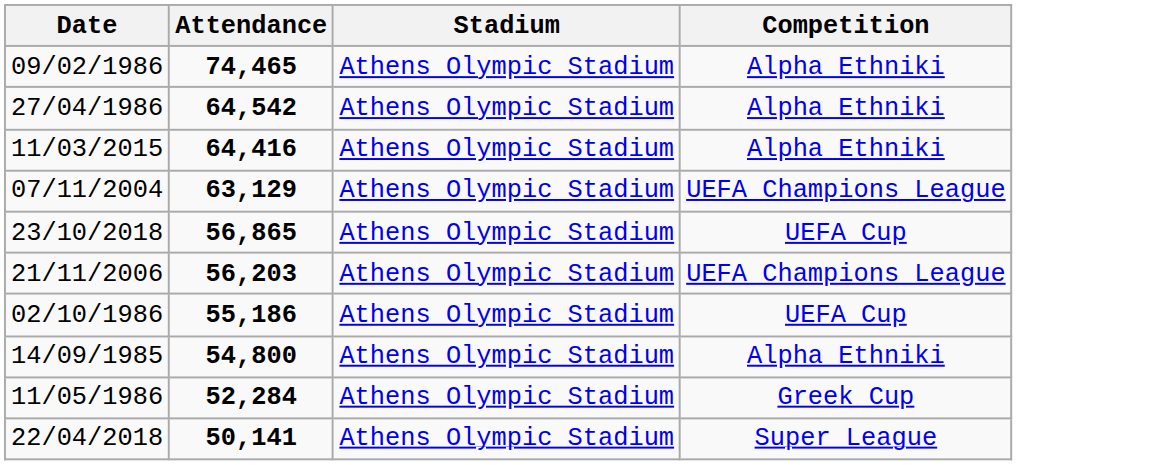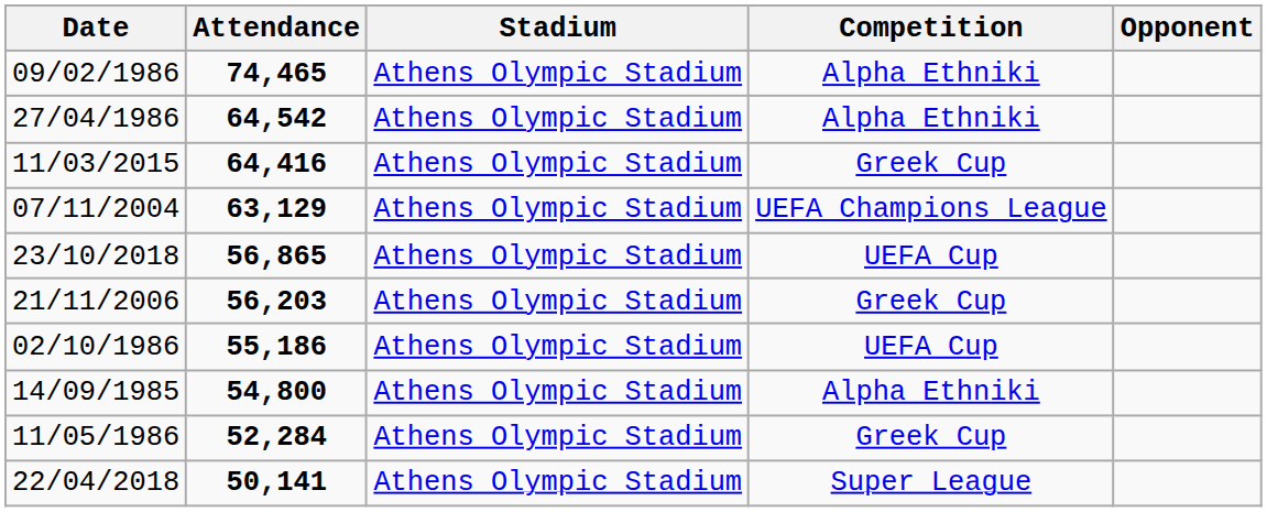 <table class="wikitable sortable" style="text-align: left;">
 <tr>
 <th>Date</th>
 <th>Attendance</th>
 <th>Stadium</th>
 <th>Competition</th>
+<th>Opponent</th>
 </tr>
 <tr>
 <td>09/02/1986</td>
 <td align=center><strong>74,465</strong></td>
 <td><a href='#'>Athens Olympic Stadium</a></td>
 <td align=center><a href='#'>Alpha Ethniki</a></td>
+<td></td>
 </tr>
 <tr>
 <td>27/04/1986</td>
 <td align=center><strong>64,542</strong></td>
 <td><a href='#'>Athens Olympic Stadium</a></td>
 <td align=center><a href='#'>Alpha Ethniki</a></td>
+<td></td>
 </tr>
 <tr>
 <td>11/03/2015</td>
 <td align=center><strong>64,416</strong></td>
 <td><a href='#'>Athens Olympic Stadium</a></td>
-<td align=center><a href='#'>Alpha Ethniki</a></td>
+<td align=center><a href='#'>Greek Cup</a></td>
+<td></td>
 </tr>
 <tr>
 <td>07/11/2004</td>
 <td align=center><strong>63,129</strong></td>
 <td><a href='#'>Athens Olympic Stadium</a></td>
 <td align=center><a href='#'>UEFA Champions League</a></td>
+<td></td>
 </tr>
 <tr>
 <td>23/10/2018</td>
 <td align=center><strong>56,865</strong></td>
 <td><a href='#'>Athens Olympic Stadium</a></td>
 <td align=center><a href='#'>UEFA Cup</a></td>
+<td></td>
 </tr>
 <tr>
 <td>21/11/2006</td>
 <td align=center><strong>56,203</strong></td>
 <td><a href='#'>Athens Olympic Stadium</a></td>
-<td align=center><a href='#'>UEFA Champions League</a></td>
+<td align=center><a href='#'>Greek Cup</a></td>
+<td></td>
 </tr>
 <tr>
 <td>02/10/1986</td>
 <td align=center><strong>55,186</strong></td>
 <td><a href='#'>Athens Olympic Stadium</a></td>
 <td align=center><a href='#'>UEFA Cup</a></td>
+<td></td>
 </tr>
 <tr>
 <td>14/09/1985</td>
 <td align=center><strong>54,800</strong></td>
 <td><a href='#'>Athens Olympic Stadium</a></td>
 <td align=center><a href='#'>Alpha Ethniki</a></td>
+<td></td>
 </tr>
 <tr>
 <td>11/05/1986</td>
 <td align=center><strong>52,284</strong></td>
 <td><a href='#'>Athens Olympic Stadium</a></td>
 <td align=center><a href='#'>Greek Cup</a></td>
+<td></td>
 </tr>
 <tr>
 <td>22/04/2018</td>
 <td align=center><strong>50,141</strong></td>
 <td><a href='#'>Athens Olympic Stadium</a></td>
 <td align=center><a href='#'>Super League</a></td>
+<td></td>
 </tr>
 </table>
